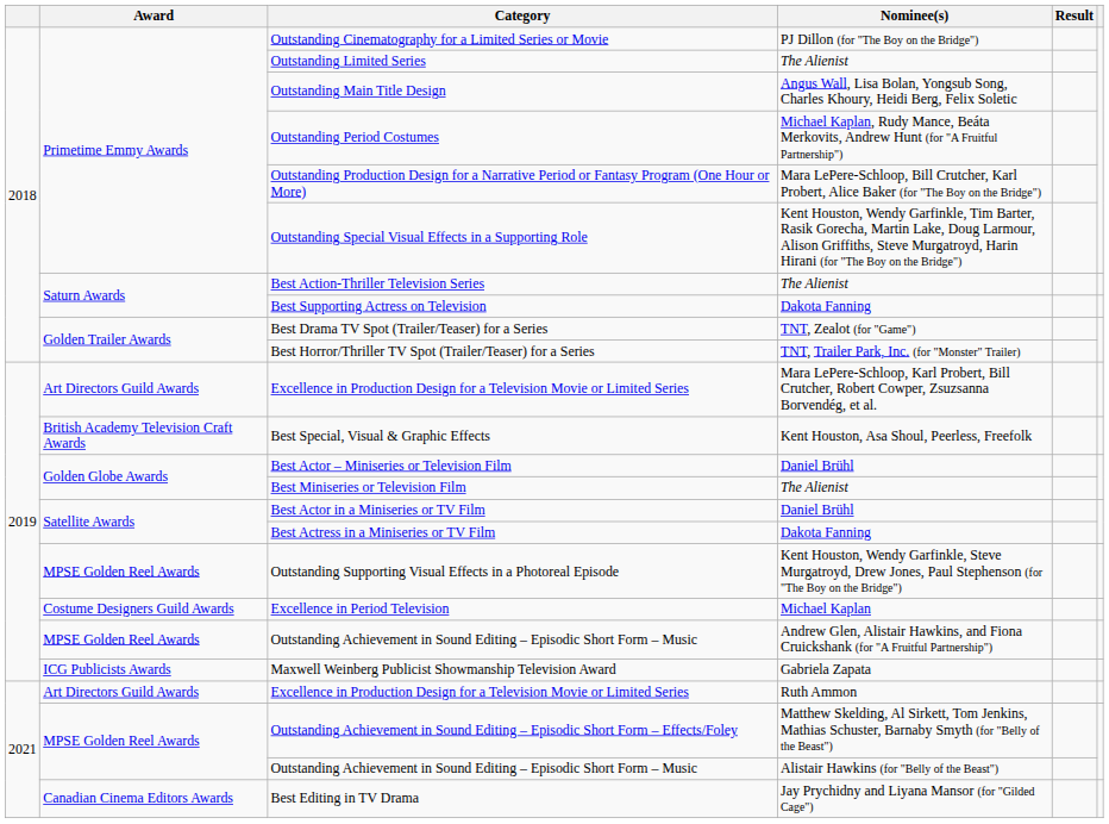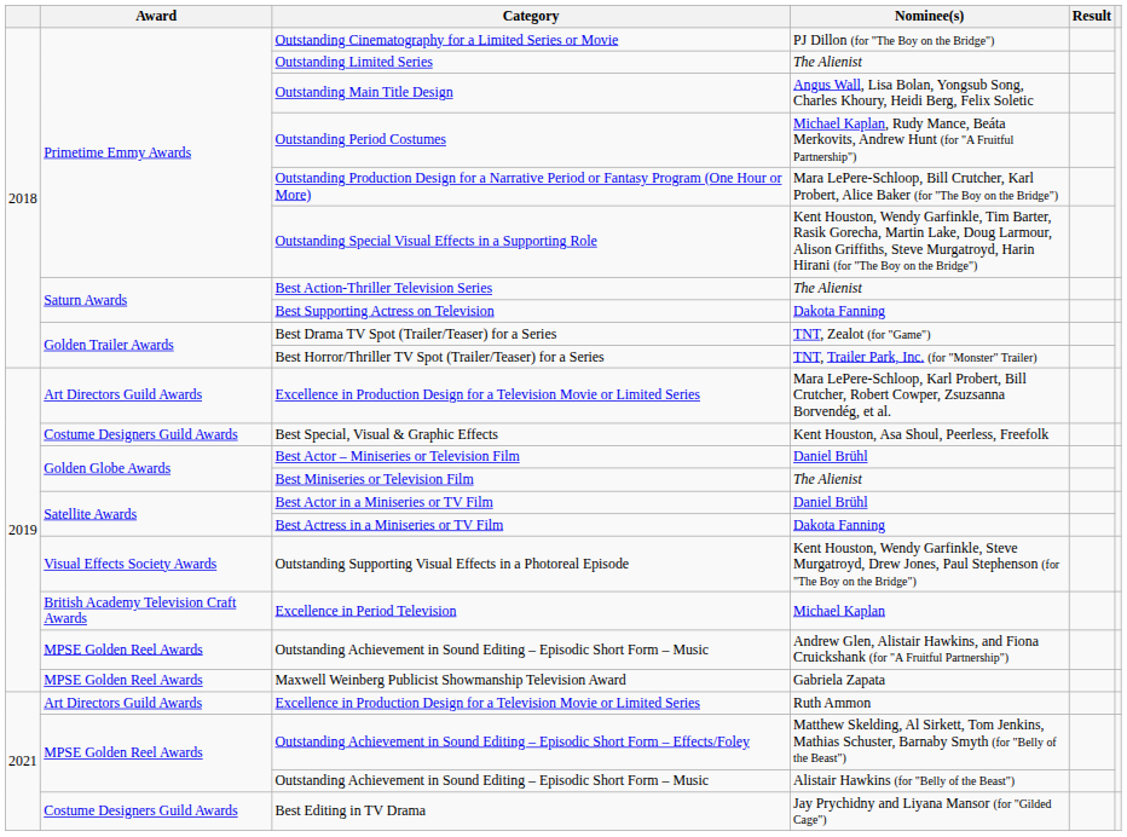 <table class="wikitable plainrowheaders sortable">
 <tr>
 <th></th>
 <th>Award</th>
 <th>Category</th>
 <th width="25%">Nominee(s)</th>
 <th>Result</th>
 <th class="unsortable"></th>
 </tr>
 <tr>
 <td rowspan="10">2018</td>
 <td rowspan="6"><a href='#'>Primetime Emmy Awards</a></td>
 <td><a href='#'>Outstanding Cinematography for a Limited Series or Movie</a></td>
 <td data-sort-value="Dillon, PJ">PJ Dillon <small>(for "The Boy on the Bridge")</small></td>
 <td></td>
 <td rowspan="6" style="text-align:center;"></td>
 </tr>
 <tr>
 <td><a href='#'>Outstanding Limited Series</a></td>
 <td data-sort-value="Alienist, The"><em>The Alienist</em></td>
 <td></td>
 </tr>
 <tr>
 <td><a href='#'>Outstanding Main Title Design</a></td>
 <td data-sort-value="Wall, Angus"><a href='#'>Angus Wall</a>, Lisa Bolan, Yongsub Song, Charles Khoury, Heidi Berg, Felix Soletic</td>
 <td></td>
 </tr>
 <tr>
 <td><a href='#'>Outstanding Period Costumes</a></td>
 <td data-sort-value="Kaplan, Michael"><a href='#'>Michael Kaplan</a>, Rudy Mance, Beáta Merkovits, Andrew Hunt <small>(for "A Fruitful Partnership")</small></td>
 <td></td>
 </tr>
 <tr>
 <td><a href='#'>Outstanding Production Design for a Narrative Period or Fantasy Program (One Hour or More)</a></td>
 <td data-sort-value="LePere-Schloop, Mara, Bill Crutcher">Mara LePere-Schloop, Bill Crutcher, Karl Probert, Alice Baker <small>(for "The Boy on the Bridge")</small></td>
 <td></td>
 </tr>
 <tr>
 <td><a href='#'>Outstanding Special Visual Effects in a Supporting Role</a></td>
 <td data-sort-value="Houston, Kent, Wendy Garfinkle, Tim Barter">Kent Houston, Wendy Garfinkle, Tim Barter, Rasik Gorecha, Martin Lake, Doug Larmour, Alison Griffiths, Steve Murgatroyd, Harin Hirani <small>(for "The Boy on the Bridge")</small></td>
 <td></td>
 </tr>
 <tr>
 <td rowspan="2"><a href='#'>Saturn Awards</a></td>
 <td><a href='#'>Best Action-Thriller Television Series</a></td>
 <td data-sort-value="Alienist, The"><em>The Alienist</em></td>
 <td></td>
 <td style="text-align:center;"></td>
 </tr>
 <tr>
 <td><a href='#'>Best Supporting Actress on Television</a></td>
 <td data-sort-value="Fanning, Dakota"><a href='#'>Dakota Fanning</a></td>
 <td></td>
 <td style="text-align:center;"></td>
 </tr>
 <tr>
 <td rowspan="2"><a href='#'>Golden Trailer Awards</a></td>
 <td>Best Drama TV Spot (Trailer/Teaser) for a Series</td>
 <td><a href='#'>TNT</a>, Zealot <small>(for "Game")</small></td>
 <td></td>
 <td rowspan="2" style="text-align:center;"></td>
 </tr>
 <tr>
 <td>Best Horror/Thriller TV Spot (Trailer/Teaser) for a Series</td>
 <td><a href='#'>TNT</a>, <a href='#'>Trailer Park, Inc.</a> <small>(for "Monster" Trailer)</small></td>
 <td></td>
 </tr>
 <tr>
 <td rowspan="10">2019</td>
 <td><a href='#'>Art Directors Guild Awards</a></td>
 <td><a href='#'>Excellence in Production Design for a Television Movie or Limited Series</a></td>
 <td data-sort-value="LePere-Schloop, Mara, Karl Probert">Mara LePere-Schloop, Karl Probert, Bill Crutcher, Robert Cowper, Zsuzsanna Borvendég, et al.</td>
 <td></td>
 <td style="text-align:center;"></td>
 </tr>
 <tr>
-<td><a href='#'>British Academy Television Craft Awards</a></td>
+<td><a href='#'>Costume Designers Guild Awards</a></td>
 <td>Best Special, Visual & Graphic Effects</td>
 <td data-sort-value="Houston, Kent, Asa Shoul, Peerless, Freefolk">Kent Houston, Asa Shoul, Peerless, Freefolk</td>
 <td></td>
 <td style="text-align:center;"></td>
 </tr>
 <tr>
 <td rowspan="2"><a href='#'>Golden Globe Awards</a></td>
 <td><a href='#'>Best Actor – Miniseries or Television Film</a></td>
 <td data-sort-value="Brühl, Daniel"><a href='#'>Daniel Brühl</a></td>
 <td></td>
 <td style="text-align:center;" rowspan="2"></td>
 </tr>
 <tr>
 <td><a href='#'>Best Miniseries or Television Film</a></td>
 <td data-sort-value="Alienist, The'"><em>The Alienist</em></td>
 <td></td>
 </tr>
 <tr>
 <td rowspan="2"><a href='#'>Satellite Awards</a></td>
 <td><a href='#'>Best Actor in a Miniseries or TV Film</a></td>
 <td data-sort-value="Brühl, Daniel"><a href='#'>Daniel Brühl</a></td>
 <td></td>
 <td rowspan="2" style="text-align:center;"></td>
 </tr>
 <tr>
 <td><a href='#'>Best Actress in a Miniseries or TV Film</a></td>
 <td data-sort-value="Fanning, Dakota"><a href='#'>Dakota Fanning</a></td>
 <td></td>
 </tr>
 <tr>
-<td><a href='#'>MPSE Golden Reel Awards</a></td>
+<td><a href='#'>Visual Effects Society Awards</a></td>
 <td>Outstanding Supporting Visual Effects in a Photoreal Episode</td>
 <td data-sort-value="Houston, Kent, Wendy Garfinkle, Steve Murgatroyd">Kent Houston, Wendy Garfinkle, Steve Murgatroyd, Drew Jones, Paul Stephenson <small>(for "The Boy on the Bridge")</small></td>
 <td></td>
 <td style="text-align:center;"></td>
 </tr>
 <tr>
-<td><a href='#'>Costume Designers Guild Awards</a></td>
+<td><a href='#'>British Academy Television Craft Awards</a></td>
 <td><a href='#'>Excellence in Period Television</a></td>
 <td><a href='#'>Michael Kaplan</a></td>
 <td></td>
 <td style="text-align:center;"></td>
 </tr>
 <tr>
 <td><a href='#'>MPSE Golden Reel Awards</a></td>
 <td>Outstanding Achievement in Sound Editing – Episodic Short Form – Music</td>
 <td>Andrew Glen, Alistair Hawkins, and Fiona Cruickshank <small>(for "A Fruitful Partnership")</small></td>
 <td></td>
 <td style="text-align:center;"></td>
 </tr>
 <tr>
-<td><a href='#'>ICG Publicists Awards</a></td>
+<td><a href='#'>MPSE Golden Reel Awards</a></td>
 <td>Maxwell Weinberg Publicist Showmanship Television Award</td>
 <td>Gabriela Zapata</td>
 <td></td>
 <td style="text-align:center;"></td>
 </tr>
 <tr>
 <td rowspan="6">2021</td>
 <td><a href='#'>Art Directors Guild Awards</a></td>
 <td><a href='#'>Excellence in Production Design for a Television Movie or Limited Series</a></td>
 <td>Ruth Ammon</td>
 <td></td>
 <td style="text-align:center;"></td>
 </tr>
 <tr>
 <td rowspan="2"><a href='#'>MPSE Golden Reel Awards</a></td>
 <td><a href='#'>Outstanding Achievement in Sound Editing – Episodic Short Form – Effects/Foley</a></td>
 <td>Matthew Skelding, Al Sirkett, Tom Jenkins, Mathias Schuster, Barnaby Smyth <small>(for "Belly of the Beast")</small></td>
 <td></td>
 <td rowspan="2" style="text-align:center;"></td>
 </tr>
 <tr>
 <td>Outstanding Achievement in Sound Editing – Episodic Short Form – Music</td>
 <td>Alistair Hawkins <small>(for "Belly of the Beast")</small></td>
 <td></td>
 </tr>
 <tr>
-<td><a href='#'>Canadian Cinema Editors Awards</a></td>
+<td><a href='#'>Costume Designers Guild Awards</a></td>
 <td>Best Editing in TV Drama</td>
 <td>Jay Prychidny and Liyana Mansor <small>(for "Gilded Cage")</small></td>
 <td></td>
 <td style="text-align:center;"></td>
 </tr>
 </table>
